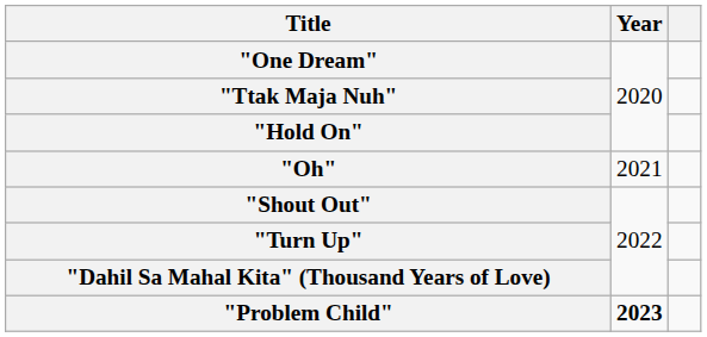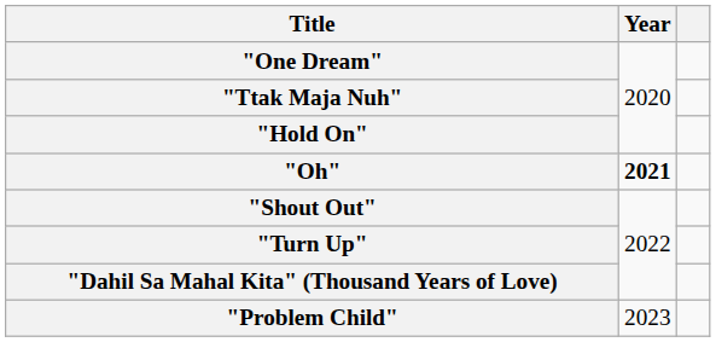 <table class="wikitable plainrowheaders" style="text-align:center;">
 <tr>
 <th scope="col" style="width:26em;">Title</th>
 <th scope="col" style="width:1em;">Year</th>
 <th scope="col" style="width:1em;"></th>
 </tr>
 <tr>
 <th scope="row">"One Dream"</th>
 <td rowspan="3">2020</td>
 <td></td>
 </tr>
 <tr>
 <th scope="row">"Ttak Maja Nuh"</th>
 <td></td>
 </tr>
 <tr>
 <th scope="row">"Hold On"</th>
 <td></td>
 </tr>
 <tr>
 <th scope="row">"Oh"</th>
-<td>2021</td>
+<td><strong>2021</strong></td>
 <td></td>
 </tr>
 <tr>
 <th scope="row">"Shout Out"</th>
 <td rowspan="3">2022</td>
 <td></td>
 </tr>
 <tr>
 <th scope="row">"Turn Up"</th>
 <td></td>
 </tr>
 <tr>
 <th scope="row">"Dahil Sa Mahal Kita" (Thousand Years of Love)</th>
 <td></td>
 </tr>
 <tr>
 <th scope="row">"Problem Child"</th>
-<td><strong>2023</strong></td>
+<td>2023</td>
 <td></td>
 </tr>
 </table>
